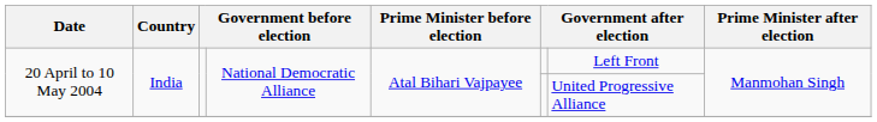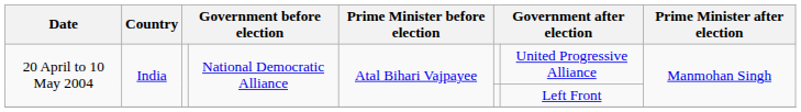 <table class="wikitable">
 <tr>
 <th>Date</th>
 <th>Country</th>
 <th colspan="2">Government before election</th>
 <th>Prime Minister before election</th>
 <th colspan="2">Government after election</th>
 <th>Prime Minister after election</th>
 </tr>
 <tr style="text-align:center;">
 <td rowspan="2">20 April to 10 May 2004</td>
 <td rowspan="2"><a href='#'>India</a></td>
 <td rowspan="2"></td>
 <td rowspan="2"><a href='#'>National Democratic Alliance</a></td>
 <td rowspan="2"><a href='#'>Atal Bihari Vajpayee</a></td>
 <td></td>
-<td style="text-align:center"><a href='#'>Left Front</a></td>
+<td><a href='#'>United Progressive Alliance</a></td>
 <td rowspan="2"><a href='#'>Manmohan Singh</a></td>
 </tr>
 <tr>
 <td></td>
-<td><a href='#'>United Progressive Alliance</a></td>
+<td style="text-align:center"><a href='#'>Left Front</a></td>
 </tr>
 <tr>
 </tr>
 </table>
